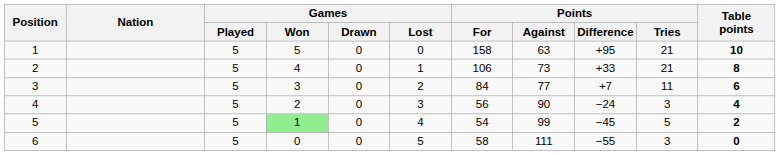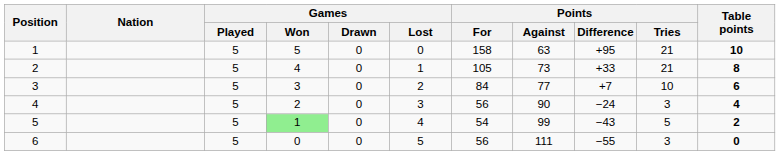 <table class="wikitable" style="text-align:center">
 <tr>
 <th rowspan="2" style="width:8%">Position</th>
 <th rowspan="2" style="width:18%">Nation</th>
 <th colspan="4" style="width:32%">Games</th>
 <th colspan="4" style="width:32%">Points</th>
 <th rowspan="2" style="width:10%">Table<br>points</th>
 </tr>
 <tr>
 <th style="width:8%">Played</th>
 <th style="width:8%">Won</th>
 <th style="width:8%">Drawn</th>
 <th style="width:8%">Lost</th>
 <th style="width:8%">For</th>
 <th style="width:8%">Against</th>
 <th style="width:8%">Difference</th>
 <th style="width:8%">Tries</th>
 </tr>
 <tr>
 <td>1</td>
 <td align="left"></td>
 <td>5</td>
 <td>5</td>
 <td>0</td>
 <td>0</td>
 <td>158</td>
 <td>63</td>
 <td>+95</td>
 <td>21</td>
 <td><strong>10</strong></td>
 </tr>
 <tr>
 <td>2</td>
 <td align="left"></td>
 <td>5</td>
 <td>4</td>
 <td>0</td>
 <td>1</td>
-<td>106</td>
+<td>105</td>
 <td>73</td>
 <td>+33</td>
 <td>21</td>
 <td><strong>8</strong></td>
 </tr>
 <tr>
 <td>3</td>
 <td align="left"></td>
 <td>5</td>
 <td>3</td>
 <td>0</td>
 <td>2</td>
 <td>84</td>
 <td>77</td>
 <td>+7</td>
-<td>11</td>
+<td>10</td>
 <td><strong>6</strong></td>
 </tr>
 <tr>
 <td>4</td>
 <td align="left"></td>
 <td>5</td>
 <td>2</td>
 <td>0</td>
 <td>3</td>
 <td>56</td>
 <td>90</td>
 <td>−24</td>
 <td>3</td>
 <td><strong>4</strong></td>
 </tr>
 <tr>
 <td>5</td>
 <td align="left"></td>
 <td>5</td>
 <td style="background: lightgreen;">1</td>
 <td>0</td>
 <td>4</td>
 <td>54</td>
 <td>99</td>
-<td>−45</td>
+<td>−43</td>
 <td>5</td>
 <td><strong>2</strong></td>
 </tr>
 <tr>
 <td>6</td>
 <td align="left"></td>
 <td>5</td>
 <td>0</td>
 <td>0</td>
 <td>5</td>
-<td>58</td>
+<td>56</td>
 <td>111</td>
 <td>−55</td>
 <td>3</td>
 <td><strong>0</strong></td>
 </tr>
 </table>
